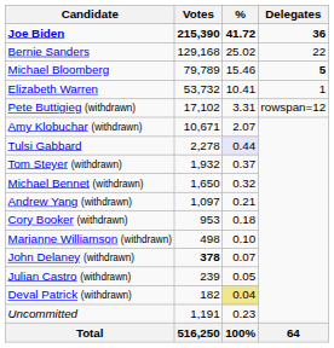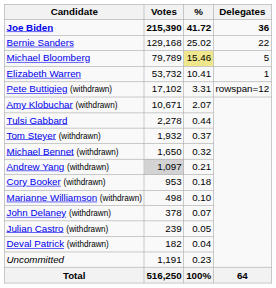 <table class="wikitable sortable" style="text-align:right;">
 <tr>
 <th>Candidate</th>
 <th>Votes</th>
 <th>%</th>
 <th>Delegates</th>
 </tr>
 <tr>
 <td style="text-align:left;" data-sort-value="Biden, Joe"><strong><a href='#'>Joe Biden</a></strong></td>
 <td><strong>215,390</strong></td>
 <td><strong>41.72</strong></td>
 <td><strong>36</strong></td>
 </tr>
 <tr>
 <td style="text-align:left;" data-sort-value="Sanders, Bernie"><a href='#'>Bernie Sanders</a></td>
 <td>129,168</td>
 <td>25.02</td>
 <td>22</td>
 </tr>
 <tr>
 <td style="text-align:left;" data-sort-value="Bloomberg, Michael"><a href='#'>Michael Bloomberg</a></td>
 <td>79,789</td>
-<td>15.46</td>
-<td><strong>5</strong></td>
+<td style="background: khaki;">15.46</td>
+<td>5</td>
 </tr>
 <tr>
 <td style="text-align:left;" data-sort-value="Warren, Elizabeth"><a href='#'>Elizabeth Warren</a></td>
 <td>53,732</td>
 <td>10.41</td>
 <td>1</td>
 </tr>
 <tr>
 <td style="text-align:left;" data-sort-value="Buttigieg, Pete"><a href='#'>Pete Buttigieg</a> <small>(withdrawn)</small></td>
 <td>17,102</td>
 <td>3.31</td>
 <td>rowspan=12 </td>
 </tr>
 <tr>
 <td style="text-align:left;" data-sort-value="Klobuchar, Amy"><a href='#'>Amy Klobuchar</a> <small>(withdrawn)</small></td>
 <td>10,671</td>
 <td>2.07</td>
 </tr>
 <tr>
 <td style="text-align:left;" data-sort-value="Gabbard, Tulsi"><a href='#'>Tulsi Gabbard</a></td>
 <td>2,278</td>
-<td style="background: lavender;">0.44</td>
+<td>0.44</td>
 </tr>
 <tr>
 <td style="text-align:left;" data-sort-value="Steyer, Tom"><a href='#'>Tom Steyer</a> <small>(withdrawn)</small></td>
 <td>1,932</td>
 <td>0.37</td>
 </tr>
 <tr>
 <td style="text-align:left;" data-sort-value="Bennet, Michael"><a href='#'>Michael Bennet</a> <small>(withdrawn)</small></td>
 <td>1,650</td>
 <td>0.32</td>
 </tr>
 <tr>
 <td style="text-align:left;" data-sort-value="Yang, Andrew"><a href='#'>Andrew Yang</a> <small>(withdrawn)</small></td>
-<td>1,097</td>
+<td style="background: lightgrey;">1,097</td>
 <td>0.21</td>
 </tr>
 <tr>
 <td style="text-align:left;" data-sort-value="Booker, Cory"><a href='#'>Cory Booker</a> <small>(withdrawn)</small></td>
 <td>953</td>
 <td>0.18</td>
 </tr>
 <tr>
 <td style="text-align:left;" data-sort-value="Williamson, Marianne"><a href='#'>Marianne Williamson</a> <small>(withdrawn)</small></td>
 <td>498</td>
 <td>0.10</td>
 </tr>
 <tr>
 <td style="text-align:left;" data-sort-value="Delaney, John"><a href='#'>John Delaney</a> <small>(withdrawn)</small></td>
-<td><strong>378</strong></td>
+<td>378</td>
 <td>0.07</td>
 </tr>
 <tr>
 <td style="text-align:left;" data-sort-value="Castro, Julian"><a href='#'>Julian Castro</a> <small>(withdrawn)</small></td>
 <td>239</td>
 <td>0.05</td>
 </tr>
 <tr>
 <td style="text-align:left;" data-sort-value="Patrick, Deval"><a href='#'>Deval Patrick</a> <small>(withdrawn)</small></td>
 <td>182</td>
-<td style="background: khaki;">0.04</td>
+<td>0.04</td>
 </tr>
 <tr>
 <td style="text-align:left;" data-sort-value="ZZ"><em>Uncommitted</em></td>
 <td>1,191</td>
 <td>0.23</td>
 </tr>
 <tr>
 <th>Total</th>
 <th>516,250</th>
 <th>100%</th>
 <th>64</th>
 </tr>
 </table>
